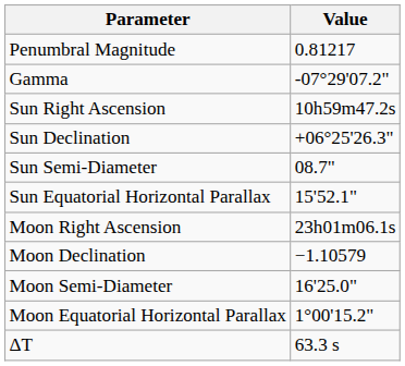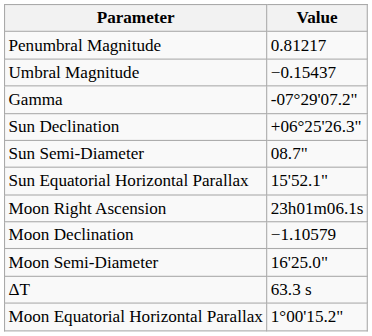 <table class="wikitable">
 <tr>
 <th>Parameter</th>
 <th>Value</th>
 </tr>
 <tr>
 <td>Penumbral Magnitude</td>
 <td>0.81217</td>
 </tr>
 <tr>
+<td>Umbral Magnitude</td>
+<td>−0.15437</td>
+</tr>
+<tr>
 <td>Gamma</td>
 <td>-07°29'07.2"</td>
-</tr>
-<tr>
-<td>Sun Right Ascension</td>
-<td>10h59m47.2s</td>
 </tr>
 <tr>
 <td>Sun Declination</td>
 <td>+06°25'26.3"</td>
 </tr>
 <tr>
 <td>Sun Semi-Diameter</td>
 <td>08.7"</td>
 </tr>
 <tr>
 <td>Sun Equatorial Horizontal Parallax</td>
 <td>15'52.1"</td>
 </tr>
 <tr>
 <td>Moon Right Ascension</td>
 <td>23h01m06.1s</td>
 </tr>
 <tr>
 <td>Moon Declination</td>
 <td>−1.10579</td>
 </tr>
 <tr>
 <td>Moon Semi-Diameter</td>
 <td>16'25.0"</td>
 </tr>
 <tr>
+<td>ΔT</td>
+<td>63.3 s</td>
+</tr>
+<tr>
 <td>Moon Equatorial Horizontal Parallax</td>
 <td>1°00'15.2"</td>
 </tr>
-<tr>
-<td>ΔT</td>
-<td>63.3 s</td>
-</tr>
 </table>
